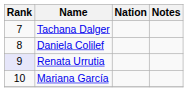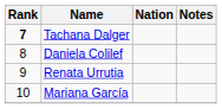 <table class="wikitable sortable" style="text-align:center">
 <tr>
 <th>Rank</th>
 <th>Name</th>
 <th>Nation</th>
 <th>Notes</th>
 </tr>
 <tr>
-<td>7</td>
+<td><strong>7</strong></td>
 <td align=left><a href='#'>Tachana Dalger</a></td>
 <td align=left></td>
 <td></td>
 </tr>
 <tr>
 <td>8</td>
 <td align=left><a href='#'>Daniela Colilef</a></td>
 <td align=left></td>
 <td></td>
 </tr>
 <tr>
-<td style="background: lavender;">9</td>
+<td>9</td>
 <td align=left><a href='#'>Renata Urrutia</a></td>
 <td align=left></td>
 <td></td>
 </tr>
 <tr>
 <td>10</td>
 <td align=left><a href='#'>Mariana García</a></td>
 <td align=left></td>
 <td></td>
 </tr>
 <tr>
 </tr>
 </table>
